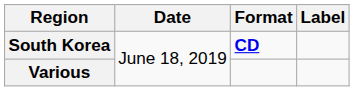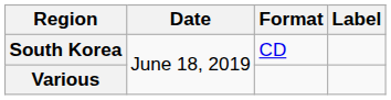 <table class="wikitable plainrowheaders">
 <tr>
 <th scope="col">Region</th>
 <th scope="col">Date</th>
 <th scope="col">Format</th>
 <th scope="col">Label</th>
 </tr>
 <tr>
 <th scope="row">South Korea</th>
 <td rowspan="2">June 18, 2019</td>
-<td><strong><a href='#'>CD</a></strong></td>
+<td><a href='#'>CD</a></td>
 <td></td>
 </tr>
 <tr>
 <th scope="row">Various </th>
 <td></td>
 <td></td>
 </tr>
 </table>
